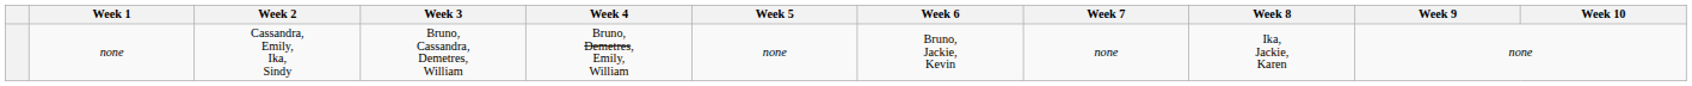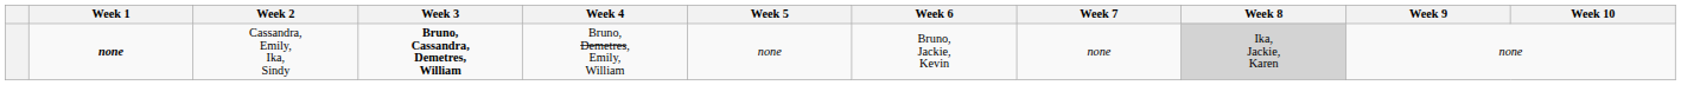 <table class="wikitable" style="text-align:center; font-size:90%; width:100%; line-height:15px;">
 <tr>
 <th style="width:1%"></th>
 <th style="width:7%">Week 1</th>
 <th style="width:7%">Week 2</th>
 <th style="width:7%">Week 3 </th>
 <th style="width:7%">Week 4</th>
 <th style="width:7%">Week 5 </th>
 <th style="width:7%">Week 6</th>
 <th style="width:7%">Week 7</th>
 <th style="width:7%">Week 8</th>
 <th style="width:7%">Week 9</th>
 <th style="width:7%">Week 10</th>
 </tr>
 <tr>
 <th></th>
-<td><em>none</em></td>
+<td><strong><em>none</em></strong></td>
 <td>Cassandra,<br>Emily,<br>Ika,<br>Sindy</td>
-<td>Bruno,<br>Cassandra,<br>Demetres,<br>William</td>
+<td><strong>Bruno,<br>Cassandra,<br>Demetres,<br>William</strong></td>
 <td>Bruno,<br><s>Demetres</s>,<br>Emily,<br>William</td>
 <td><em>none</em></td>
 <td>Bruno,<br>Jackie,<br>Kevin</td>
 <td><em>none</em></td>
-<td>Ika,<br>Jackie,<br>Karen</td>
+<td style="background: lightgrey;">Ika,<br>Jackie,<br>Karen</td>
 <td colspan="2"><em>none</em></td>
 </tr>
 </table>
